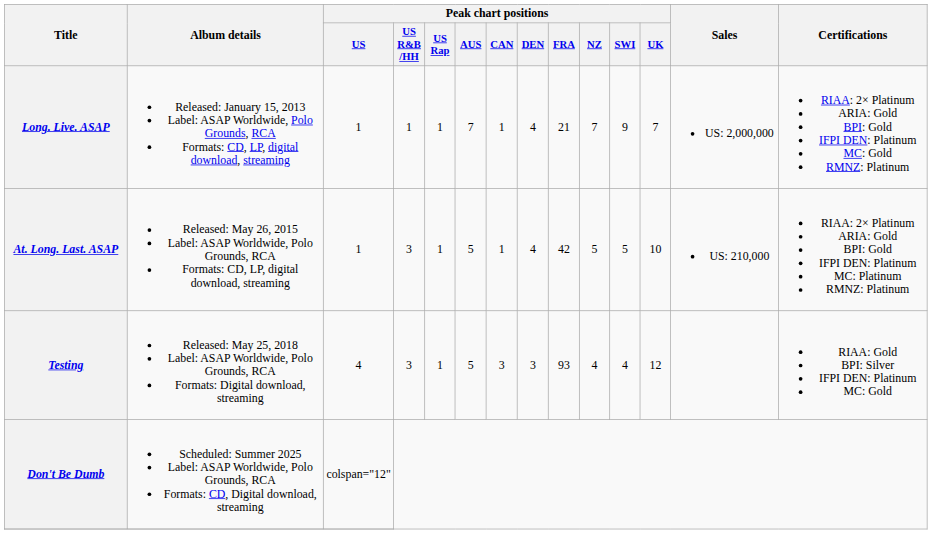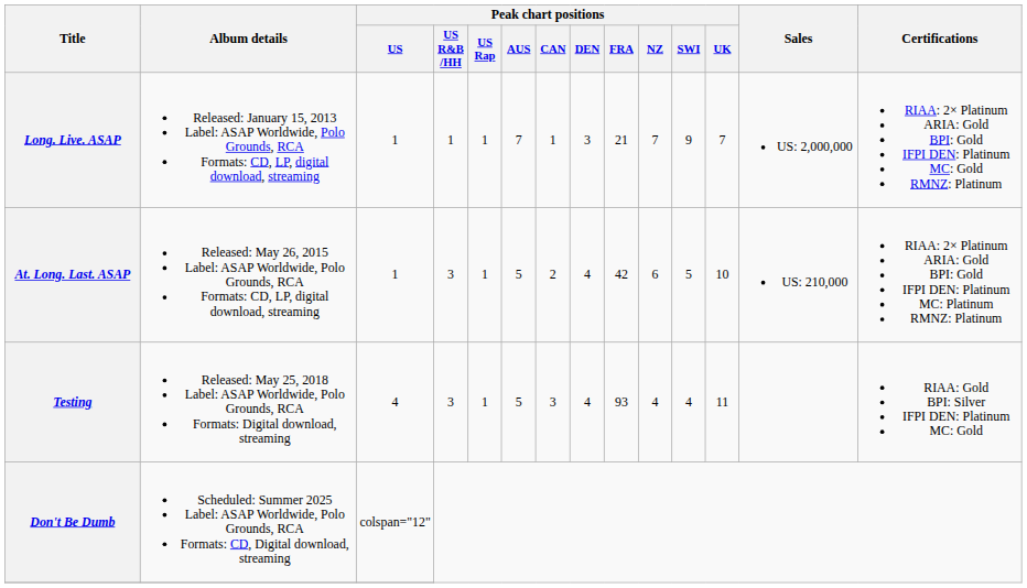 <table class="wikitable plainrowheaders" style="text-align:center;">
 <tr>
 <th rowspan="2" style="width:11em;">Title</th>
 <th rowspan="2" style="width:17.5em;">Album details</th>
 <th colspan="10">Peak chart positions</th>
 <th scope="col" rowspan="2" style="width:9em;">Sales</th>
 <th rowspan="2" style="width:13em;">Certifications</th>
 </tr>
 <tr>
 <th scope="col" style="width:2.5em;font-size:90%;"><a href='#'>US</a><br></th>
 <th scope="col" style="width:2.5em;font-size:90%;"><a href='#'>US<br>R&B<br>/HH</a><br></th>
 <th scope="col" style="width:2.5em;font-size:90%;"><a href='#'>US<br>Rap</a><br></th>
 <th scope="col" style="width:2.5em;font-size:90%;"><a href='#'>AUS</a><br></th>
 <th scope="col" style="width:2.5em;font-size:90%;"><a href='#'>CAN</a><br></th>
 <th scope="col" style="width:2.5em;font-size:90%;"><a href='#'>DEN</a><br></th>
 <th scope="col" style="width:2.5em;font-size:90%;"><a href='#'>FRA</a><br></th>
 <th scope="col" style="width:2.5em;font-size:90%;"><a href='#'>NZ</a><br></th>
 <th scope="col" style="width:2.5em;font-size:90%;"><a href='#'>SWI</a><br></th>
 <th scope="col" style="width:2.5em;font-size:90%;"><a href='#'>UK</a><br></th>
 </tr>
 <tr>
 <th scope="row"><em><a href='#'>Long. Live. ASAP</a></em></th>
 <td><br><ul><li>Released: January 15, 2013</li><li>Label: ASAP Worldwide, <a href='#'>Polo Grounds</a>, <a href='#'>RCA</a></li><li>Formats: <a href='#'>CD</a>, <a href='#'>LP</a>, <a href='#'>digital download</a>, <a href='#'>streaming</a></li></ul></td>
 <td>1</td>
 <td>1</td>
 <td>1</td>
 <td>7</td>
 <td>1</td>
-<td>4</td>
+<td>3</td>
 <td>21</td>
 <td>7</td>
 <td>9</td>
 <td>7</td>
 <td><br><ul><li>US: 2,000,000</li></ul></td>
 <td><br><ul><li><a href='#'>RIAA</a>: 2× Platinum</li><li>ARIA: Gold</li><li><a href='#'>BPI</a>: Gold</li><li><a href='#'>IFPI DEN</a>: Platinum</li><li><a href='#'>MC</a>: Gold</li><li><a href='#'>RMNZ</a>: Platinum</li></ul></td>
 </tr>
 <tr>
 <th scope="row"><em><a href='#'>At. Long. Last. ASAP</a></em></th>
 <td><br><ul><li>Released: May 26, 2015</li><li>Label: ASAP Worldwide, Polo Grounds, RCA</li><li>Formats: CD, LP, digital download, streaming</li></ul></td>
 <td>1</td>
 <td>3</td>
 <td>1</td>
 <td>5</td>
-<td>1</td>
+<td>2</td>
 <td>4</td>
 <td>42</td>
-<td>5</td>
+<td>6</td>
 <td>5</td>
 <td>10</td>
 <td><br><ul><li>US: 210,000</li></ul></td>
 <td><br><ul><li>RIAA: 2× Platinum</li><li>ARIA: Gold</li><li>BPI: Gold</li><li>IFPI DEN: Platinum</li><li>MC: Platinum</li><li>RMNZ: Platinum</li></ul></td>
 </tr>
 <tr>
 <th scope="row"><em><a href='#'>Testing</a></em></th>
 <td><br><ul><li>Released: May 25, 2018</li><li>Label: ASAP Worldwide, Polo Grounds, RCA</li><li>Formats: Digital download, streaming</li></ul></td>
 <td>4</td>
 <td>3</td>
 <td>1</td>
 <td>5</td>
 <td>3</td>
-<td>3</td>
+<td>4</td>
 <td>93</td>
 <td>4</td>
 <td>4</td>
-<td>12</td>
+<td>11</td>
 <td></td>
 <td><br><ul><li>RIAA: Gold</li><li>BPI: Silver</li><li>IFPI DEN: Platinum</li><li>MC: Gold</li></ul></td>
 </tr>
 <tr>
 <th scope="row"><em><a href='#'>Don't Be Dumb</a></em></th>
 <td><br><ul><li>Scheduled: Summer 2025</li><li>Label: ASAP Worldwide, Polo Grounds, RCA</li><li>Formats: <a href='#'>CD</a>, Digital download, streaming</li></ul></td>
 <td>colspan="12" </td>
 </tr>
 <tr>
 </tr>
 </table>
